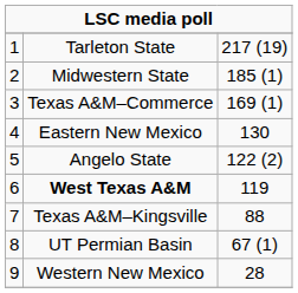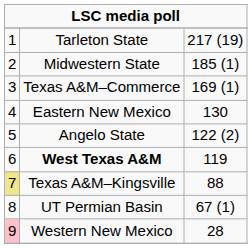 <table class="wikitable" style="display: inline-table;">
 <tr>
 <td align="center" Colspan="3"><strong>LSC media poll</strong></td>
 </tr>
 <tr align="center">
 </tr>
 <tr align="center">
 <td>1</td>
 <td>Tarleton State</td>
 <td>217 (19)</td>
 </tr>
 <tr align="center">
 <td>2</td>
 <td>Midwestern State</td>
 <td>185 (1)</td>
 </tr>
 <tr align="center">
 <td>3</td>
 <td>Texas A&M–Commerce</td>
 <td>169 (1)</td>
 </tr>
 <tr align="center">
 <td>4</td>
 <td>Eastern New Mexico</td>
 <td>130</td>
 </tr>
 <tr align="center">
 <td>5</td>
 <td>Angelo State</td>
 <td>122 (2)</td>
 </tr>
 <tr align="center">
 <td>6</td>
 <td><strong>West Texas A&M</strong></td>
 <td>119</td>
 </tr>
 <tr align="center">
-<td>7</td>
+<td style="background: khaki;">7</td>
 <td>Texas A&M–Kingsville</td>
 <td>88</td>
 </tr>
 <tr align="center">
 <td>8</td>
 <td>UT Permian Basin</td>
 <td>67 (1)</td>
 </tr>
 <tr align="center">
-<td>9</td>
+<td style="background: pink;">9</td>
 <td>Western New Mexico</td>
 <td>28</td>
 </tr>
 <tr>
 </tr>
 </table>
